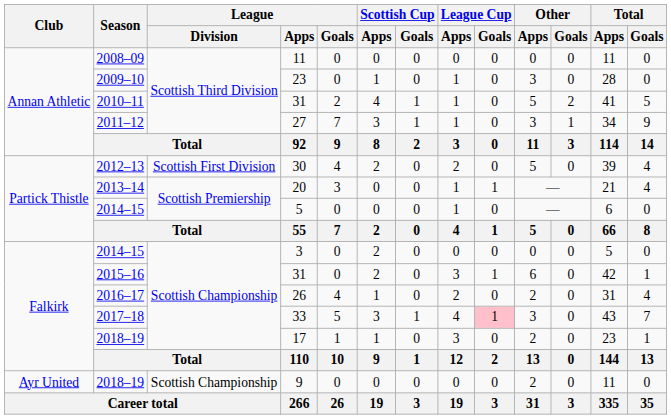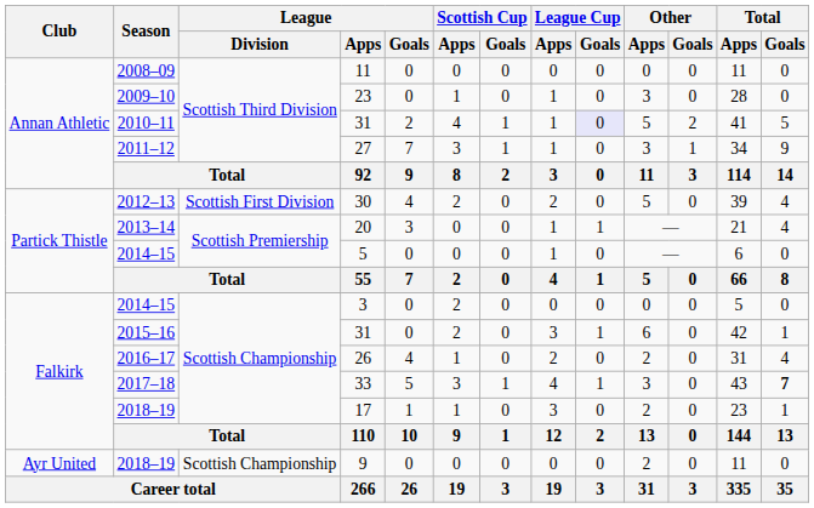 <table class="wikitable" style="text-align:center">
 <tr>
 <th rowspan=2>Club</th>
 <th rowspan=2>Season</th>
 <th colspan=3>League</th>
 <th colspan=2><a href='#'>Scottish Cup</a></th>
 <th colspan=2><a href='#'>League Cup</a></th>
 <th colspan=2>Other</th>
 <th colspan=2>Total</th>
 </tr>
 <tr>
 <th>Division</th>
 <th>Apps</th>
 <th>Goals</th>
 <th>Apps</th>
 <th>Goals</th>
 <th>Apps</th>
 <th>Goals</th>
 <th>Apps</th>
 <th>Goals</th>
 <th>Apps</th>
 <th>Goals</th>
 </tr>
 <tr>
 <td rowspan="5"><a href='#'>Annan Athletic</a></td>
 <td><a href='#'>2008–09</a></td>
 <td rowspan="4"><a href='#'>Scottish Third Division</a></td>
 <td>11</td>
 <td>0</td>
 <td>0</td>
 <td>0</td>
 <td>0</td>
 <td>0</td>
 <td>0</td>
 <td>0</td>
 <td>11</td>
 <td>0</td>
 </tr>
 <tr>
 <td><a href='#'>2009–10</a></td>
 <td>23</td>
 <td>0</td>
 <td>1</td>
 <td>0</td>
 <td>1</td>
 <td>0</td>
 <td>3</td>
 <td>0</td>
 <td>28</td>
 <td>0</td>
 </tr>
 <tr>
 <td><a href='#'>2010–11</a></td>
 <td>31</td>
 <td>2</td>
 <td>4</td>
 <td>1</td>
 <td>1</td>
-<td>0</td>
+<td style="background: lavender;">0</td>
 <td>5</td>
 <td>2</td>
 <td>41</td>
 <td>5</td>
 </tr>
 <tr>
 <td><a href='#'>2011–12</a></td>
 <td>27</td>
 <td>7</td>
 <td>3</td>
 <td>1</td>
 <td>1</td>
 <td>0</td>
 <td>3</td>
 <td>1</td>
 <td>34</td>
 <td>9</td>
 </tr>
 <tr>
 <th colspan="2">Total</th>
 <th>92</th>
 <th>9</th>
 <th>8</th>
 <th>2</th>
 <th>3</th>
 <th>0</th>
 <th>11</th>
 <th>3</th>
 <th>114</th>
 <th>14</th>
 </tr>
 <tr>
 <td rowspan="4"><a href='#'>Partick Thistle</a></td>
 <td><a href='#'>2012–13</a></td>
 <td><a href='#'>Scottish First Division</a></td>
 <td>30</td>
 <td>4</td>
 <td>2</td>
 <td>0</td>
 <td>2</td>
 <td>0</td>
 <td>5</td>
 <td>0</td>
 <td>39</td>
 <td>4</td>
 </tr>
 <tr>
 <td><a href='#'>2013–14</a></td>
 <td rowspan="2"><a href='#'>Scottish Premiership</a></td>
 <td>20</td>
 <td>3</td>
 <td>0</td>
 <td>0</td>
 <td>1</td>
 <td>1</td>
 <td colspan="2">—</td>
 <td>21</td>
 <td>4</td>
 </tr>
 <tr>
 <td><a href='#'>2014–15</a></td>
 <td>5</td>
 <td>0</td>
 <td>0</td>
 <td>0</td>
 <td>1</td>
 <td>0</td>
 <td colspan="2">—</td>
 <td>6</td>
 <td>0</td>
 </tr>
 <tr>
 <th colspan="2">Total</th>
 <th>55</th>
 <th>7</th>
 <th>2</th>
 <th>0</th>
 <th>4</th>
 <th>1</th>
 <th>5</th>
 <th>0</th>
 <th>66</th>
 <th>8</th>
 </tr>
 <tr>
 <td rowspan="6"><a href='#'>Falkirk</a></td>
 <td><a href='#'>2014–15</a></td>
 <td rowspan=5><a href='#'>Scottish Championship</a></td>
 <td>3</td>
 <td>0</td>
 <td>2</td>
 <td>0</td>
 <td>0</td>
 <td>0</td>
 <td>0</td>
 <td>0</td>
 <td>5</td>
 <td>0</td>
 </tr>
 <tr>
 <td><a href='#'>2015–16</a></td>
 <td>31</td>
 <td>0</td>
 <td>2</td>
 <td>0</td>
 <td>3</td>
 <td>1</td>
 <td>6</td>
 <td>0</td>
 <td>42</td>
 <td>1</td>
 </tr>
 <tr>
 <td><a href='#'>2016–17</a></td>
 <td>26</td>
 <td>4</td>
 <td>1</td>
 <td>0</td>
 <td>2</td>
 <td>0</td>
 <td>2</td>
 <td>0</td>
 <td>31</td>
 <td>4</td>
 </tr>
 <tr>
 <td><a href='#'>2017–18</a></td>
 <td>33</td>
 <td>5</td>
 <td>3</td>
 <td>1</td>
 <td>4</td>
-<td style="background: pink;">1</td>
+<td>1</td>
 <td>3</td>
 <td>0</td>
 <td>43</td>
-<td>7</td>
+<td><strong>7</strong></td>
 </tr>
 <tr>
 <td><a href='#'>2018–19</a></td>
 <td>17</td>
 <td>1</td>
 <td>1</td>
 <td>0</td>
 <td>3</td>
 <td>0</td>
 <td>2</td>
 <td>0</td>
 <td>23</td>
 <td>1</td>
 </tr>
 <tr>
 <th colspan="2">Total</th>
 <th>110</th>
 <th>10</th>
 <th>9</th>
 <th>1</th>
 <th>12</th>
 <th>2</th>
 <th>13</th>
 <th>0</th>
 <th>144</th>
 <th>13</th>
 </tr>
 <tr>
 <td><a href='#'>Ayr United</a></td>
 <td><a href='#'>2018–19</a></td>
 <td>Scottish Championship</td>
 <td>9</td>
 <td>0</td>
 <td>0</td>
 <td>0</td>
 <td>0</td>
 <td>0</td>
 <td>2</td>
 <td>0</td>
 <td>11</td>
 <td>0</td>
 </tr>
 <tr>
 <th colspan="3">Career total</th>
 <th>266</th>
 <th>26</th>
 <th>19</th>
 <th>3</th>
 <th>19</th>
 <th>3</th>
 <th>31</th>
 <th>3</th>
 <th>335</th>
 <th>35</th>
 </tr>
 </table>
